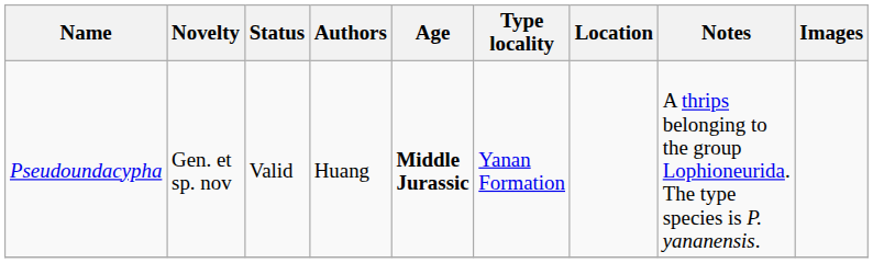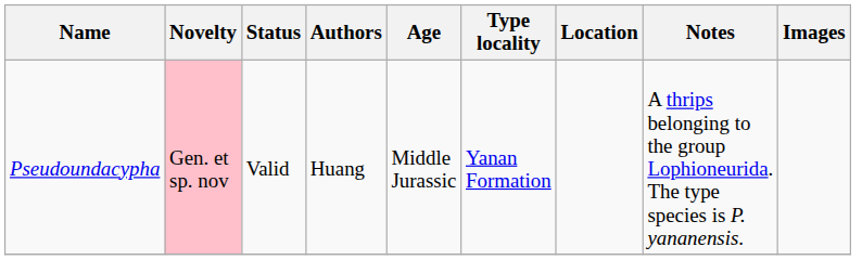 <table class="wikitable sortable" align="center" width="100%">
 <tr>
 <th>Name</th>
 <th>Novelty</th>
 <th>Status</th>
 <th>Authors</th>
 <th>Age</th>
 <th>Type locality</th>
 <th>Location</th>
 <th>Notes</th>
 <th>Images</th>
 </tr>
 <tr>
 <td><br><em><a href='#'>Pseudoundacypha</a></em></td>
-<td><br>Gen. et sp. nov</td>
+<td style="background: pink;"><br>Gen. et sp. nov</td>
 <td><br>Valid</td>
 <td><br>Huang</td>
-<td><strong><br>Middle Jurassic</strong></td>
+<td><br>Middle Jurassic</td>
 <td><br><a href='#'>Yanan Formation</a></td>
 <td><br></td>
 <td><br>A <a href='#'>thrips</a> belonging to the group <a href='#'>Lophioneurida</a>. The type species is <em>P. yananensis</em>.</td>
 <td></td>
 </tr>
 <tr>
 </tr>
 </table>
